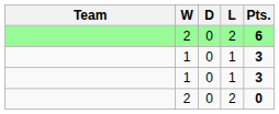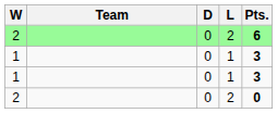 <table class="wikitable" style="text-align:center;">
 <tr>
+<th width=20px>W</th>
 <th width=200px>Team</th>
-<th width=20px>W</th>
 <th width=20px>D</th>
 <th width=20px>L</th>
 <th width=30px>Pts.</th>
 </tr>
 <tr bgcolor="#98fb98">
+<td>2</td>
 <td align=left></td>
-<td>2</td>
 <td>0</td>
 <td>2</td>
 <td><strong>6</strong></td>
 </tr>
 <tr>
+<td>1</td>
 <td align=left></td>
-<td>1</td>
 <td>0</td>
 <td>1</td>
 <td><strong>3</strong></td>
 </tr>
 <tr>
+<td>1</td>
 <td align=left></td>
-<td>1</td>
 <td>0</td>
 <td>1</td>
 <td><strong>3</strong></td>
 </tr>
 <tr>
+<td>2</td>
 <td align=left></td>
-<td>2</td>
 <td>0</td>
 <td>2</td>
 <td><strong>0</strong></td>
 </tr>
 </table>
